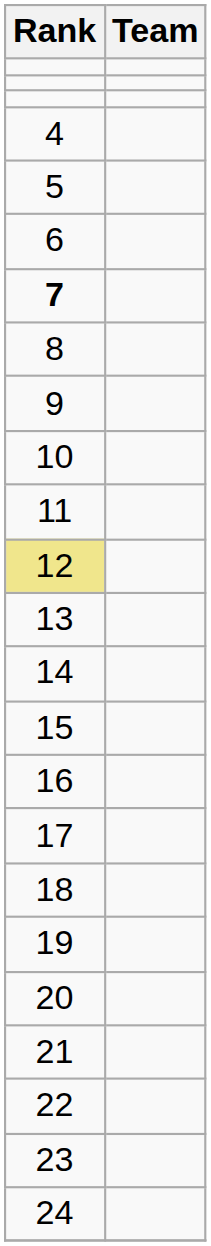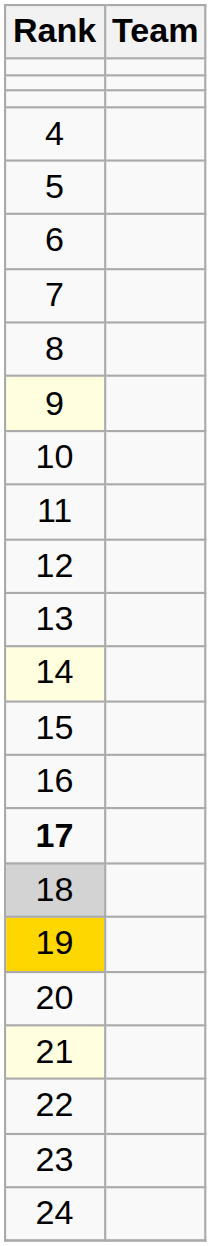 <table class="wikitable">
 <tr>
 <th>Rank</th>
 <th>Team</th>
 </tr>
 <tr>
 <td align=center></td>
 <td></td>
 </tr>
 <tr>
 <td align=center></td>
 <td></td>
 </tr>
 <tr>
 <td align=center></td>
 <td></td>
 </tr>
 <tr>
 <td align=center>4</td>
 <td></td>
 </tr>
 <tr>
 <td align=center>5</td>
 <td></td>
 </tr>
 <tr>
 <td align=center>6</td>
 <td></td>
 </tr>
 <tr>
-<td align=center><strong>7</strong></td>
+<td align=center>7</td>
 <td></td>
 </tr>
 <tr>
 <td align=center>8</td>
 <td></td>
 </tr>
 <tr>
-<td align=center>9</td>
+<td align=center style="background: lightyellow;">9</td>
 <td></td>
 </tr>
 <tr>
 <td align=center>10</td>
 <td></td>
 </tr>
 <tr>
 <td align=center>11</td>
 <td></td>
 </tr>
 <tr>
-<td align=center style="background: khaki;">12</td>
+<td align=center>12</td>
 <td></td>
 </tr>
 <tr>
 <td align=center>13</td>
 <td></td>
 </tr>
 <tr>
-<td align=center>14</td>
+<td align=center style="background: lightyellow;">14</td>
 <td></td>
 </tr>
 <tr>
 <td align=center>15</td>
 <td></td>
 </tr>
 <tr>
 <td align=center>16</td>
 <td></td>
 </tr>
 <tr>
-<td align=center>17</td>
+<td align=center><strong>17</strong></td>
 <td></td>
 </tr>
 <tr>
-<td align=center>18</td>
+<td align=center style="background: lightgrey;">18</td>
 <td></td>
 </tr>
 <tr>
-<td align=center>19</td>
+<td align=center style="background: gold;">19</td>
 <td></td>
 </tr>
 <tr>
 <td align=center>20</td>
 <td></td>
 </tr>
 <tr>
-<td align=center>21</td>
+<td align=center style="background: lightyellow;">21</td>
 <td></td>
 </tr>
 <tr>
 <td align=center>22</td>
 <td></td>
 </tr>
 <tr>
 <td align=center>23</td>
 <td></td>
 </tr>
 <tr>
 <td align=center>24</td>
 <td></td>
 </tr>
 <tr>
 </tr>
 </table>
